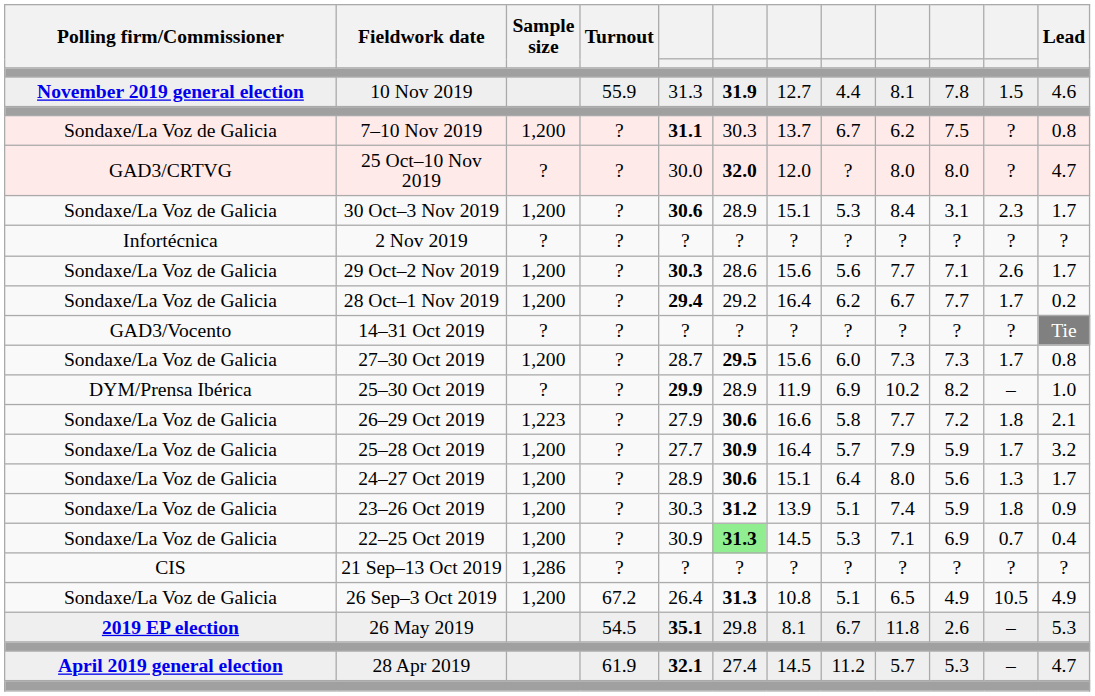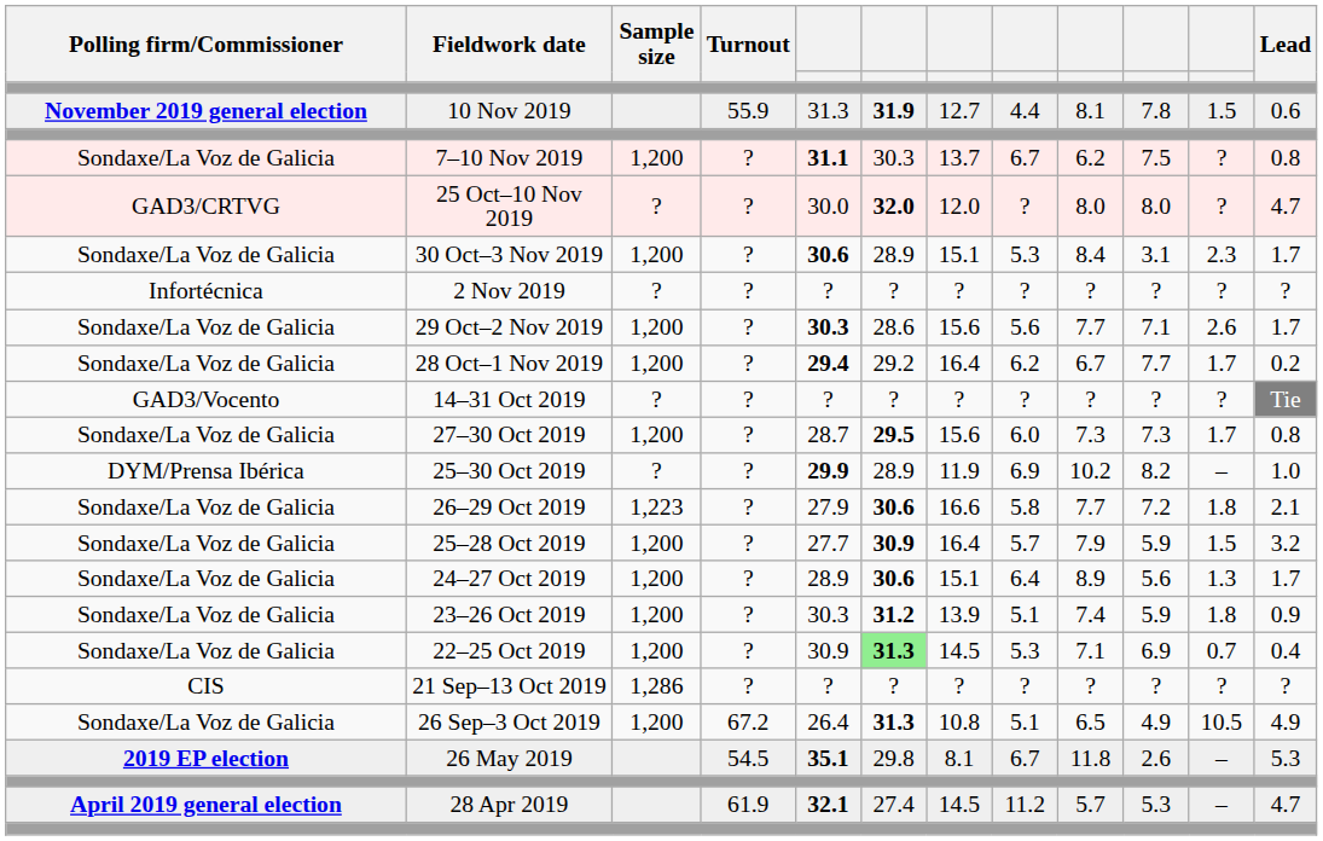 <table class="wikitable collapsible collapsed" style="text-align:center; font-size:95%; line-height:16px;">
 <tr style="height:42px;">
 <th style="width:250px;" rowspan="2">Polling firm/Commissioner</th>
 <th style="width:125px;" rowspan="2">Fieldwork date</th>
 <th style="width:50px;" rowspan="2">Sample size</th>
 <th style="width:45px;" rowspan="2">Turnout</th>
 <th style="width:35px;"></th>
 <th style="width:35px;"></th>
 <th style="width:35px;"></th>
 <th style="width:35px;"></th>
 <th style="width:35px;"></th>
 <th style="width:35px;"></th>
 <th style="width:35px;"></th>
 <th style="width:30px;" rowspan="2">Lead</th>
 </tr>
 <tr>
 <th style="color:inherit;background:"></th>
 <th style="color:inherit;background:"></th>
 <th style="color:inherit;background:"></th>
 <th style="color:inherit;background:"></th>
 <th style="color:inherit;background:"></th>
 <th style="color:inherit;background:"></th>
 <th style="color:inherit;background:"></th>
 </tr>
 <tr>
 <td colspan="12" style="background:#A0A0A0"></td>
 </tr>
 <tr style="background:#EFEFEF;">
 <td><strong><a href='#'>November 2019 general election</a></strong></td>
 <td>10 Nov 2019</td>
 <td></td>
 <td>55.9</td>
 <td>31.3<br></td>
 <td><strong>31.9</strong><br></td>
 <td>12.7<br></td>
 <td>4.4<br></td>
 <td>8.1<br></td>
 <td>7.8<br></td>
 <td>1.5<br></td>
-<td style="background:">4.6</td>
+<td style="background:">0.6</td>
 </tr>
 <tr>
 <td colspan="12" style="background:#A0A0A0"></td>
 </tr>
 <tr style="background:#FFEAEA;">
 <td>Sondaxe/La Voz de Galicia</td>
 <td>7–10 Nov 2019</td>
 <td>1,200</td>
 <td>?</td>
 <td><strong>31.1</strong><br></td>
 <td>30.3<br></td>
 <td>13.7<br></td>
 <td>6.7<br></td>
 <td>6.2<br></td>
 <td>7.5<br></td>
 <td>?<br></td>
 <td style="background:">0.8</td>
 </tr>
 <tr style="background:#FFEAEA;">
 <td>GAD3/CRTVG</td>
 <td>25 Oct–10 Nov 2019</td>
 <td>?</td>
 <td>?</td>
 <td>30.0<br></td>
 <td><strong>32.0</strong><br></td>
 <td>12.0<br></td>
 <td>?<br></td>
 <td>8.0<br></td>
 <td>8.0<br></td>
 <td>?<br></td>
 <td style="background:">4.7</td>
 </tr>
 <tr>
 <td>Sondaxe/La Voz de Galicia</td>
 <td>30 Oct–3 Nov 2019</td>
 <td>1,200</td>
 <td>?</td>
 <td><strong>30.6</strong><br></td>
 <td>28.9<br></td>
 <td>15.1<br></td>
 <td>5.3<br></td>
 <td>8.4<br></td>
 <td>3.1<br></td>
 <td>2.3<br></td>
 <td style="background:">1.7</td>
 </tr>
 <tr>
 <td>Infortécnica</td>
 <td>2 Nov 2019</td>
 <td>?</td>
 <td>?</td>
 <td>?<br></td>
 <td>?<br></td>
 <td>?<br></td>
 <td>?<br></td>
 <td>?<br></td>
 <td>?<br></td>
 <td>?<br></td>
 <td style="background:">?</td>
 </tr>
 <tr>
 <td>Sondaxe/La Voz de Galicia</td>
 <td>29 Oct–2 Nov 2019</td>
 <td>1,200</td>
 <td>?</td>
 <td><strong>30.3</strong><br></td>
 <td>28.6<br></td>
 <td>15.6<br></td>
 <td>5.6<br></td>
 <td>7.7<br></td>
 <td>7.1<br></td>
 <td>2.6<br></td>
 <td style="background:">1.7</td>
 </tr>
 <tr>
 <td>Sondaxe/La Voz de Galicia</td>
 <td>28 Oct–1 Nov 2019</td>
 <td>1,200</td>
 <td>?</td>
 <td><strong>29.4</strong><br></td>
 <td>29.2<br></td>
 <td>16.4<br></td>
 <td>6.2<br></td>
 <td>6.7<br></td>
 <td>7.7<br></td>
 <td>1.7<br></td>
 <td style="background:">0.2</td>
 </tr>
 <tr>
 <td>GAD3/Vocento</td>
 <td>14–31 Oct 2019</td>
 <td>?</td>
 <td>?</td>
 <td>?<br></td>
 <td>?<br></td>
 <td>?<br></td>
 <td>?<br></td>
 <td>?<br></td>
 <td>?<br></td>
 <td>?<br></td>
 <td style="background:gray;color:white;">Tie</td>
 </tr>
 <tr>
 <td>Sondaxe/La Voz de Galicia</td>
 <td>27–30 Oct 2019</td>
 <td>1,200</td>
 <td>?</td>
 <td>28.7<br></td>
 <td><strong>29.5</strong><br></td>
 <td>15.6<br></td>
 <td>6.0<br></td>
 <td>7.3<br></td>
 <td>7.3<br></td>
 <td>1.7<br></td>
 <td style="background:">0.8</td>
 </tr>
 <tr>
 <td>DYM/Prensa Ibérica</td>
 <td>25–30 Oct 2019</td>
 <td>?</td>
 <td>?</td>
 <td><strong>29.9</strong><br></td>
 <td>28.9<br></td>
 <td>11.9<br></td>
 <td>6.9<br></td>
 <td>10.2<br></td>
 <td>8.2<br></td>
 <td>–</td>
 <td style="background:">1.0</td>
 </tr>
 <tr>
 <td>Sondaxe/La Voz de Galicia</td>
 <td>26–29 Oct 2019</td>
 <td>1,223</td>
 <td>?</td>
 <td>27.9<br></td>
 <td><strong>30.6</strong><br></td>
 <td>16.6<br></td>
 <td>5.8<br></td>
 <td>7.7<br></td>
 <td>7.2<br></td>
 <td>1.8<br></td>
 <td style="background:">2.1</td>
 </tr>
 <tr>
 <td>Sondaxe/La Voz de Galicia</td>
 <td>25–28 Oct 2019</td>
 <td>1,200</td>
 <td>?</td>
 <td>27.7<br></td>
 <td><strong>30.9</strong><br></td>
 <td>16.4<br></td>
 <td>5.7<br></td>
 <td>7.9<br></td>
 <td>5.9<br></td>
-<td>1.7<br></td>
+<td>1.5<br></td>
 <td style="background:">3.2</td>
 </tr>
 <tr>
 <td>Sondaxe/La Voz de Galicia</td>
 <td>24–27 Oct 2019</td>
 <td>1,200</td>
 <td>?</td>
 <td>28.9<br></td>
 <td><strong>30.6</strong><br></td>
 <td>15.1<br></td>
 <td>6.4<br></td>
-<td>8.0<br></td>
+<td>8.9<br></td>
 <td>5.6<br></td>
 <td>1.3<br></td>
 <td style="background:">1.7</td>
 </tr>
 <tr>
 <td>Sondaxe/La Voz de Galicia</td>
 <td>23–26 Oct 2019</td>
 <td>1,200</td>
 <td>?</td>
 <td>30.3<br></td>
 <td><strong>31.2</strong><br></td>
 <td>13.9<br></td>
 <td>5.1<br></td>
 <td>7.4<br></td>
 <td>5.9<br></td>
 <td>1.8<br></td>
 <td style="background:">0.9</td>
 </tr>
 <tr>
 <td>Sondaxe/La Voz de Galicia</td>
 <td>22–25 Oct 2019</td>
 <td>1,200</td>
 <td>?</td>
 <td>30.9<br></td>
 <td style="background: lightgreen;"><strong>31.3</strong><br></td>
 <td>14.5<br></td>
 <td>5.3<br></td>
 <td>7.1<br></td>
 <td>6.9<br></td>
 <td>0.7<br></td>
 <td style="background:">0.4</td>
 </tr>
 <tr>
 <td>CIS</td>
 <td>21 Sep–13 Oct 2019</td>
 <td>1,286</td>
 <td>?</td>
 <td>?<br></td>
 <td>?<br></td>
 <td>?<br></td>
 <td>?<br></td>
 <td>?<br></td>
 <td>?<br></td>
 <td>?<br></td>
 <td style="background:">?</td>
 </tr>
 <tr>
 <td>Sondaxe/La Voz de Galicia</td>
 <td>26 Sep–3 Oct 2019</td>
 <td>1,200</td>
 <td>67.2</td>
 <td>26.4<br></td>
 <td><strong>31.3</strong><br></td>
 <td>10.8<br></td>
 <td>5.1<br></td>
 <td>6.5<br></td>
 <td>4.9<br></td>
 <td>10.5<br></td>
 <td style="background:">4.9</td>
 </tr>
 <tr style="background:#EFEFEF;">
 <td><strong><a href='#'>2019 EP election</a></strong></td>
 <td>26 May 2019</td>
 <td></td>
 <td>54.5</td>
 <td><strong>35.1</strong><br></td>
 <td>29.8<br></td>
 <td>8.1<br></td>
 <td>6.7<br></td>
 <td>11.8<br></td>
 <td>2.6<br></td>
 <td>–</td>
 <td style="background:">5.3</td>
 </tr>
 <tr>
 <td colspan="12" style="background:#A0A0A0"></td>
 </tr>
 <tr style="background:#EFEFEF;">
 <td><strong><a href='#'>April 2019 general election</a></strong></td>
 <td>28 Apr 2019</td>
 <td></td>
 <td>61.9</td>
 <td><strong>32.1</strong><br></td>
 <td>27.4<br></td>
 <td>14.5<br></td>
 <td>11.2<br></td>
 <td>5.7<br></td>
 <td>5.3<br></td>
 <td>–</td>
 <td style="background:">4.7</td>
 </tr>
 <tr>
 <td colspan="12" style="background:#A0A0A0"></td>
 </tr>
 </table>
